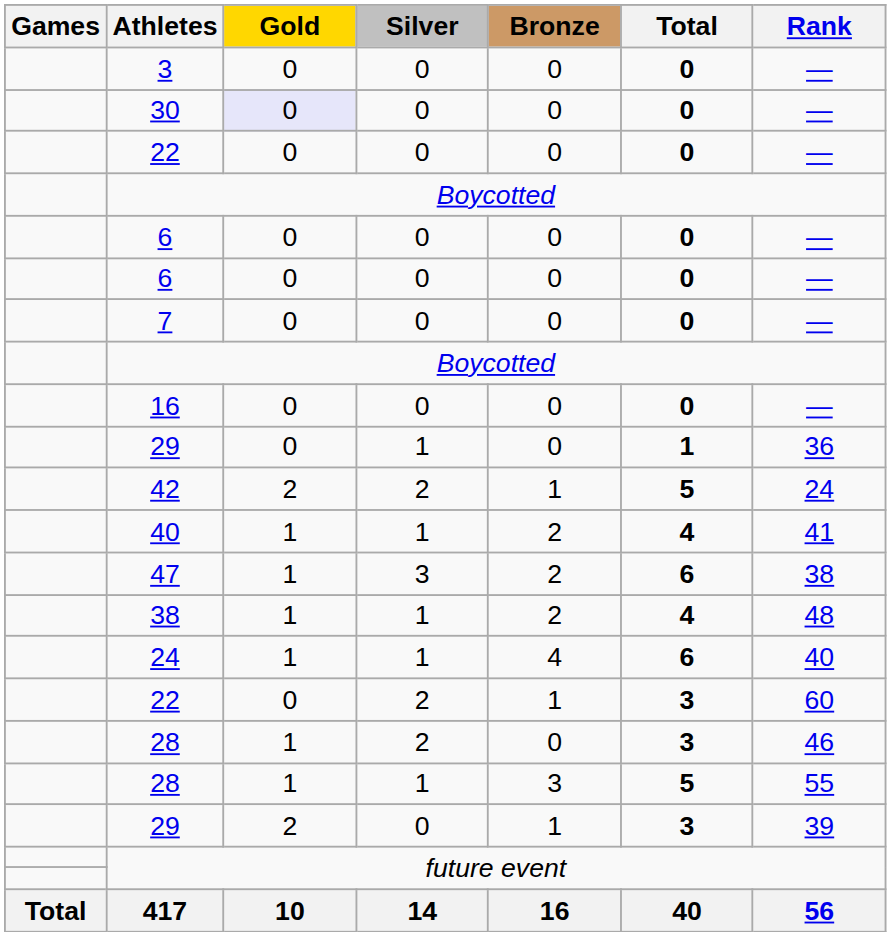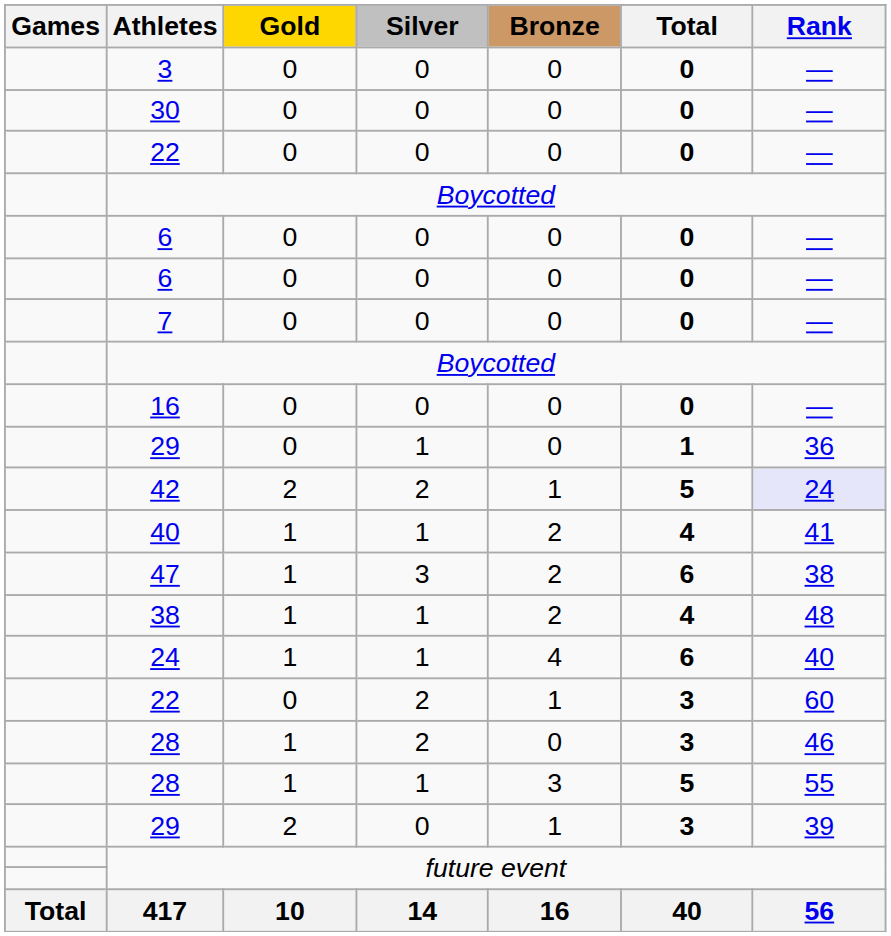 <table class="wikitable" style="text-align:center; font-size:90%;">
 <tr>
 <th>Games</th>
 <th>Athletes</th>
 <td style="background:gold; width:4.5em; font-weight:bold;">Gold</td>
 <td style="background:silver; width:4.5em; font-weight:bold;">Silver</td>
 <td style="background:#cc9966; width:4.5em; font-weight:bold;">Bronze</td>
 <th style="width:4.5em; font-weight:bold;">Total</th>
 <th style="width:4.5em; font-weight: italic ;"><a href='#'>Rank</a></th>
 </tr>
 <tr>
 <td align=left></td>
 <td><a href='#'>3</a></td>
 <td>0</td>
 <td>0</td>
 <td>0</td>
 <td><strong>0</strong></td>
 <td><a href='#'>—</a></td>
 </tr>
 <tr>
 <td align=left></td>
 <td><a href='#'>30</a></td>
-<td style="background: lavender;">0</td>
+<td>0</td>
 <td>0</td>
 <td>0</td>
 <td><strong>0</strong></td>
 <td><a href='#'>—</a></td>
 </tr>
 <tr>
 <td align=left></td>
 <td><a href='#'>22</a></td>
 <td>0</td>
 <td>0</td>
 <td>0</td>
 <td><strong>0</strong></td>
 <td><a href='#'>—</a></td>
 </tr>
 <tr>
 <td align=left></td>
 <td colspan=6><em><a href='#'>Boycotted</a></em></td>
 </tr>
 <tr>
 <td align=left></td>
 <td><a href='#'>6</a></td>
 <td>0</td>
 <td>0</td>
 <td>0</td>
 <td><strong>0</strong></td>
 <td><a href='#'>—</a></td>
 </tr>
 <tr>
 <td align=left></td>
 <td><a href='#'>6</a></td>
 <td>0</td>
 <td>0</td>
 <td>0</td>
 <td><strong>0</strong></td>
 <td><a href='#'>—</a></td>
 </tr>
 <tr>
 <td align=left></td>
 <td><a href='#'>7</a></td>
 <td>0</td>
 <td>0</td>
 <td>0</td>
 <td><strong>0</strong></td>
 <td><a href='#'>—</a></td>
 </tr>
 <tr>
 <td align=left></td>
 <td colspan=6><em><a href='#'>Boycotted</a></em></td>
 </tr>
 <tr>
 <td align=left></td>
 <td><a href='#'>16</a></td>
 <td>0</td>
 <td>0</td>
 <td>0</td>
 <td><strong>0</strong></td>
 <td><a href='#'>—</a></td>
 </tr>
 <tr>
 <td align=left></td>
 <td><a href='#'>29</a></td>
 <td>0</td>
 <td>1</td>
 <td>0</td>
 <td><strong>1</strong></td>
 <td><a href='#'>36</a></td>
 </tr>
 <tr>
 <td align=left></td>
 <td><a href='#'>42</a></td>
 <td>2</td>
 <td>2</td>
 <td>1</td>
 <td><strong>5</strong></td>
-<td><a href='#'>24</a></td>
+<td style="background: lavender;"><a href='#'>24</a></td>
 </tr>
 <tr>
 <td align=left></td>
 <td><a href='#'>40</a></td>
 <td>1</td>
 <td>1</td>
 <td>2</td>
 <td><strong>4</strong></td>
 <td><a href='#'>41</a></td>
 </tr>
 <tr>
 <td align=left></td>
 <td><a href='#'>47</a></td>
 <td>1</td>
 <td>3</td>
 <td>2</td>
 <td><strong>6</strong></td>
 <td><a href='#'>38</a></td>
 </tr>
 <tr>
 <td align=left></td>
 <td><a href='#'>38</a></td>
 <td>1</td>
 <td>1</td>
 <td>2</td>
 <td><strong>4</strong></td>
 <td><a href='#'>48</a></td>
 </tr>
 <tr>
 <td align=left></td>
 <td><a href='#'>24</a></td>
 <td>1</td>
 <td>1</td>
 <td>4</td>
 <td><strong>6</strong></td>
 <td><a href='#'>40</a></td>
 </tr>
 <tr>
 <td align=left></td>
 <td><a href='#'>22</a></td>
 <td>0</td>
 <td>2</td>
 <td>1</td>
 <td><strong>3</strong></td>
 <td><a href='#'>60</a></td>
 </tr>
 <tr>
 <td align=left></td>
 <td><a href='#'>28</a></td>
 <td>1</td>
 <td>2</td>
 <td>0</td>
 <td><strong>3</strong></td>
 <td><a href='#'>46</a></td>
 </tr>
 <tr>
 <td align=left></td>
 <td><a href='#'>28</a></td>
 <td>1</td>
 <td>1</td>
 <td>3</td>
 <td><strong>5</strong></td>
 <td><a href='#'>55</a></td>
 </tr>
 <tr>
 <td align=left></td>
 <td><a href='#'>29</a></td>
 <td>2</td>
 <td>0</td>
 <td>1</td>
 <td><strong>3</strong></td>
 <td><a href='#'>39</a></td>
 </tr>
 <tr>
 <td align=left></td>
 <td colspan=6; rowspan="2"><em>future event</em></td>
 </tr>
 <tr>
 <td align=left></td>
 </tr>
 <tr>
 <th>Total</th>
 <th>417</th>
 <th>10</th>
 <th>14</th>
 <th>16</th>
 <th>40</th>
 <th><a href='#'>56</a></th>
 </tr>
 </table>
